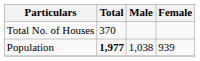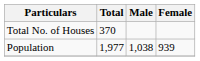 <table class="wikitable sortable">
 <tr>
 <th>Particulars</th>
 <th>Total</th>
 <th>Male</th>
 <th>Female</th>
 </tr>
 <tr>
 <td>Total No. of Houses</td>
 <td>370</td>
 <td></td>
 <td></td>
 </tr>
 <tr>
 <td>Population</td>
-<td><strong>1,977</strong></td>
+<td>1,977</td>
 <td>1,038</td>
 <td>939</td>
 </tr>
 <tr>
 </tr>
 </table>
